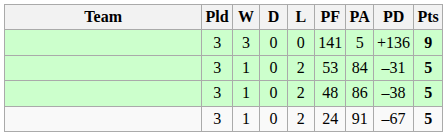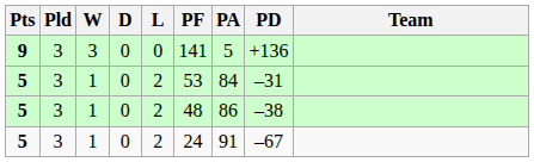 <table class="wikitable" style="text-align:center;">
 <tr>
-<th width="190">Team</th>
+<th width="20" abbr="Points">Pts</th>
 <th width="20" abbr="Played">Pld</th>
 <th width="20" abbr="Won">W</th>
 <th width="20" abbr="Drawn">D</th>
 <th width="20" abbr="Lost">L</th>
 <th width="20" abbr="Points for">PF</th>
 <th width="20" abbr="Points against">PA</th>
 <th width="25" abbr="Points difference">PD</th>
-<th width="20" abbr="Points">Pts</th>
+<th width="190">Team</th>
 </tr>
 <tr style="background:#ccffcc">
-<td align="left"></td>
+<td><strong>9</strong></td>
 <td>3</td>
 <td>3</td>
 <td>0</td>
 <td>0</td>
 <td>141</td>
 <td>5</td>
 <td>+136</td>
-<td><strong>9</strong></td>
+<td align="left"></td>
 </tr>
 <tr style="background:#ccffcc">
-<td align="left"></td>
+<td><strong>5</strong></td>
 <td>3</td>
 <td>1</td>
 <td>0</td>
 <td>2</td>
 <td>53</td>
 <td>84</td>
 <td>–31</td>
-<td><strong>5</strong></td>
+<td align="left"></td>
 </tr>
 <tr style="background:#ccffcc">
-<td align="left"></td>
+<td><strong>5</strong></td>
 <td>3</td>
 <td>1</td>
 <td>0</td>
 <td>2</td>
 <td>48</td>
 <td>86</td>
 <td>–38</td>
-<td><strong>5</strong></td>
+<td align="left"></td>
 </tr>
 <tr>
-<td align="left"></td>
+<td><strong>5</strong></td>
 <td>3</td>
 <td>1</td>
 <td>0</td>
 <td>2</td>
 <td>24</td>
 <td>91</td>
 <td>–67</td>
-<td><strong>5</strong></td>
+<td align="left"></td>
 </tr>
 </table>
